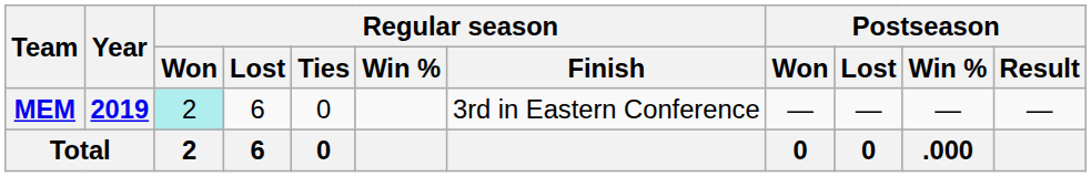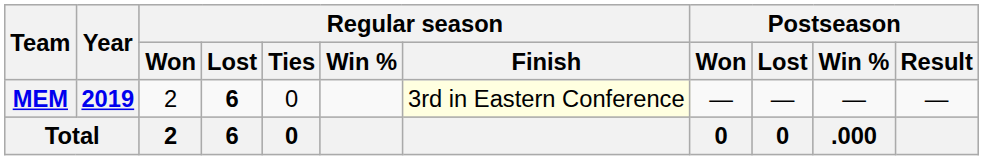 <table class="wikitable" style="font-size: 95%; text-align:center;">
 <tr>
 <th rowspan="2">Team</th>
 <th rowspan="2">Year</th>
 <th colspan="5">Regular season</th>
 <th colspan="4">Postseason</th>
 </tr>
 <tr>
 <th>Won</th>
 <th>Lost</th>
 <th>Ties</th>
 <th>Win %</th>
 <th>Finish</th>
 <th>Won</th>
 <th>Lost</th>
 <th>Win %</th>
 <th>Result</th>
 </tr>
 <tr>
 <th><a href='#'>MEM</a></th>
 <th><a href='#'>2019</a></th>
-<td style="background: paleturquoise;">2</td>
-<td>6</td>
+<td>2</td>
+<td><strong>6</strong></td>
 <td>0</td>
 <td></td>
-<td>3rd in Eastern Conference</td>
+<td style="background: lightyellow;">3rd in Eastern Conference</td>
 <td>—</td>
 <td>—</td>
 <td>—</td>
 <td>—</td>
 </tr>
 <tr>
 <th colspan="2">Total</th>
 <th>2</th>
 <th>6</th>
 <th>0</th>
 <th></th>
 <th></th>
 <th>0</th>
 <th>0</th>
 <th>.000</th>
 <th></th>
 </tr>
 </table>
